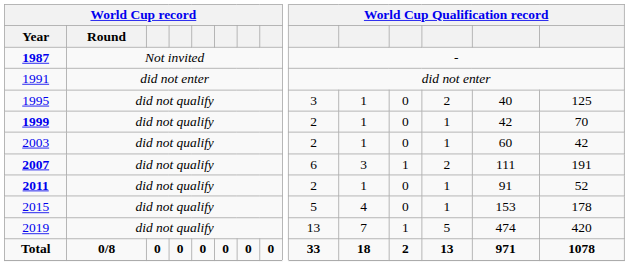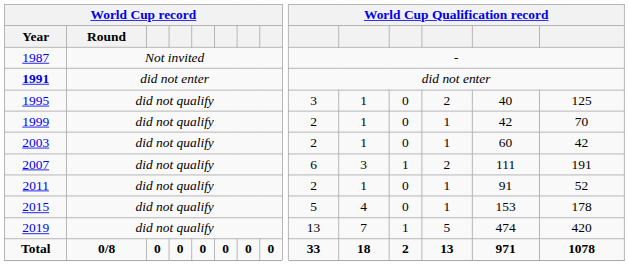 <table class=wikitable style=text-align:center>
 <tr>
 <th colspan=8><a href='#'>World Cup record</a></th>
 <th width=1% rowspan=25 style=background:#fff;border-color:#fff#aaa></th>
 <th colspan=6><a href='#'>World Cup Qualification record</a></th>
 </tr>
 <tr>
 <th>Year</th>
 <th>Round</th>
 <th></th>
 <th></th>
 <th></th>
 <th></th>
 <th></th>
 <th></th>
 <th></th>
 <th></th>
 <th></th>
 <th></th>
 <th></th>
 <th></th>
 </tr>
 <tr>
-<td><strong> <a href='#'>1987</a></strong></td>
+<td> <a href='#'>1987</a></td>
 <td colspan=7><em>Not invited</em></td>
 <td colspan=6><em>-</em></td>
 </tr>
 <tr>
-<td> <a href='#'>1991</a></td>
+<td><strong> <a href='#'>1991</a></strong></td>
 <td colspan=7><em>did not enter</em></td>
 <td colspan=7><em>did not enter</em></td>
 </tr>
 <tr>
 <td> <a href='#'>1995</a></td>
 <td colspan=7><em>did not qualify</em></td>
 <td>3</td>
 <td>1</td>
 <td>0</td>
 <td>2</td>
 <td>40</td>
 <td>125</td>
 </tr>
 <tr>
-<td><strong> <a href='#'>1999</a></strong></td>
+<td> <a href='#'>1999</a></td>
 <td colspan=7><em>did not qualify</em></td>
 <td>2</td>
 <td>1</td>
 <td>0</td>
 <td>1</td>
 <td>42</td>
 <td>70</td>
 </tr>
 <tr>
 <td> <a href='#'>2003</a></td>
 <td colspan=7><em>did not qualify</em></td>
 <td>2</td>
 <td>1</td>
 <td>0</td>
 <td>1</td>
 <td>60</td>
 <td>42</td>
 </tr>
 <tr>
-<td><strong> <a href='#'>2007</a></strong></td>
+<td> <a href='#'>2007</a></td>
 <td colspan=7><em>did not qualify</em></td>
 <td>6</td>
 <td>3</td>
 <td>1</td>
 <td>2</td>
 <td>111</td>
 <td>191</td>
 </tr>
 <tr>
-<td><strong> <a href='#'>2011</a></strong></td>
+<td> <a href='#'>2011</a></td>
 <td colspan=7><em>did not qualify</em></td>
 <td>2</td>
 <td>1</td>
 <td>0</td>
 <td>1</td>
 <td>91</td>
 <td>52</td>
 </tr>
 <tr>
 <td> <a href='#'>2015</a></td>
 <td colspan=7><em>did not qualify</em></td>
 <td>5</td>
 <td>4</td>
 <td>0</td>
 <td>1</td>
 <td>153</td>
 <td>178</td>
 </tr>
 <tr>
 <td> <a href='#'>2019</a></td>
 <td colspan=7><em>did not qualify</em></td>
 <td>13</td>
 <td>7</td>
 <td>1</td>
 <td>5</td>
 <td>474</td>
 <td>420</td>
 </tr>
 <tr>
 <td><strong>Total</strong></td>
 <td><strong>0/8</strong></td>
 <td><strong>0</strong></td>
 <td><strong>0</strong></td>
 <td><strong>0</strong></td>
 <td><strong>0</strong></td>
 <td><strong>0</strong></td>
 <td><strong>0</strong></td>
 <td><strong>33</strong></td>
 <td><strong>18</strong></td>
 <td><strong>2</strong></td>
 <td><strong>13</strong></td>
 <td><strong>971</strong></td>
 <td><strong>1078</strong></td>
 </tr>
 <tr>
 </tr>
 </table>
